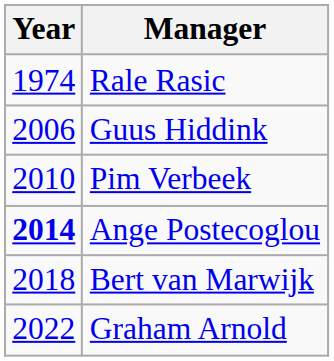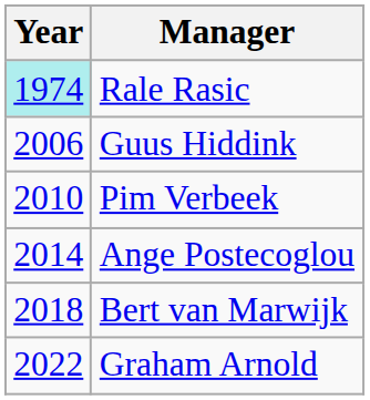 <table class="wikitable">
 <tr>
 <th>Year</th>
 <th>Manager</th>
 </tr>
 <tr>
-<td align=center><a href='#'>1974</a></td>
+<td align=center style="background: paleturquoise;"><a href='#'>1974</a></td>
 <td>  <a href='#'>Rale Rasic</a></td>
 </tr>
 <tr>
 <td align=center><a href='#'>2006</a></td>
 <td> <a href='#'>Guus Hiddink</a></td>
 </tr>
 <tr>
 <td align=center><a href='#'>2010</a></td>
 <td> <a href='#'>Pim Verbeek</a></td>
 </tr>
 <tr>
-<td align=center><strong><a href='#'>2014</a></strong></td>
+<td align=center><a href='#'>2014</a></td>
 <td> <a href='#'>Ange Postecoglou</a></td>
 </tr>
 <tr>
 <td align=center><a href='#'>2018</a></td>
 <td> <a href='#'>Bert van Marwijk</a></td>
 </tr>
 <tr>
 <td align=center><a href='#'>2022</a></td>
 <td> <a href='#'>Graham Arnold</a></td>
 </tr>
 </table>
